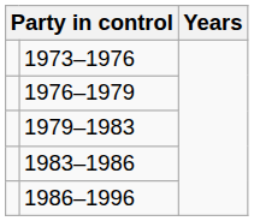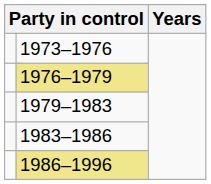 <table class="wikitable">
 <tr>
 <th colspan="2">Party in control</th>
 <th>Years</th>
 </tr>
 <tr>
 <td></td>
 <td>1973–1976</td>
 </tr>
 <tr>
 <td></td>
-<td>1976–1979</td>
+<td style="background: khaki;">1976–1979</td>
 </tr>
 <tr>
 <td></td>
 <td>1979–1983</td>
 </tr>
 <tr>
 <td></td>
 <td>1983–1986</td>
 </tr>
 <tr>
 <td></td>
-<td>1986–1996</td>
+<td style="background: khaki;">1986–1996</td>
 </tr>
 </table>
